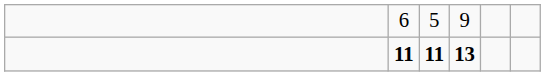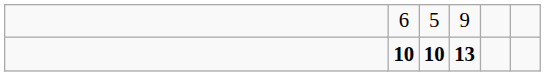 <table class="wikitable">
 <tr>
 <td style="width:18em"></td>
 <td align=center style="width:1em">6</td>
 <td align=center style="width:1em">5</td>
 <td align=center style="width:1em">9</td>
 <td align=center style="width:1em"></td>
 <td align=center style="width:1em"></td>
 </tr>
 <tr>
 <td style="width:18em"><strong></strong></td>
-<td align=center style="width:1em"><strong>11</strong></td>
-<td align=center style="width:1em"><strong>11</strong></td>
+<td align=center style="width:1em"><strong>10</strong></td>
+<td align=center style="width:1em"><strong>10</strong></td>
 <td align=center style="width:1em"><strong>13</strong></td>
 <td align=center style="width:1em"></td>
 <td align=center style="width:1em"></td>
 </tr>
 </table>
